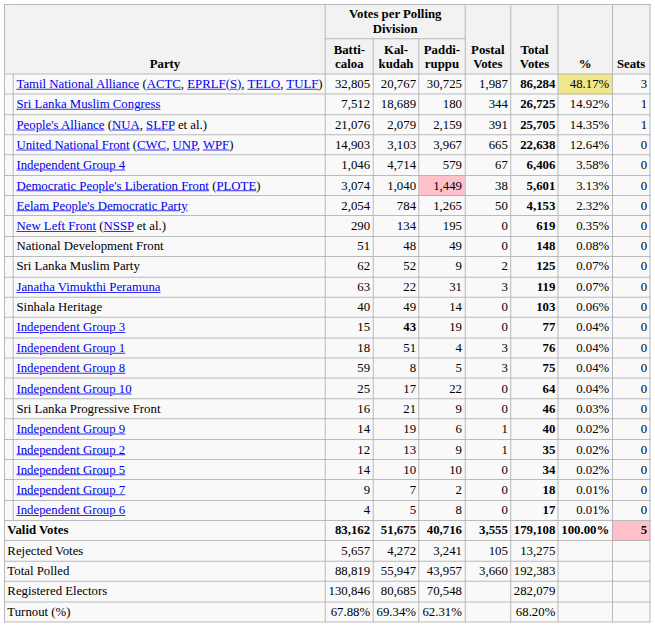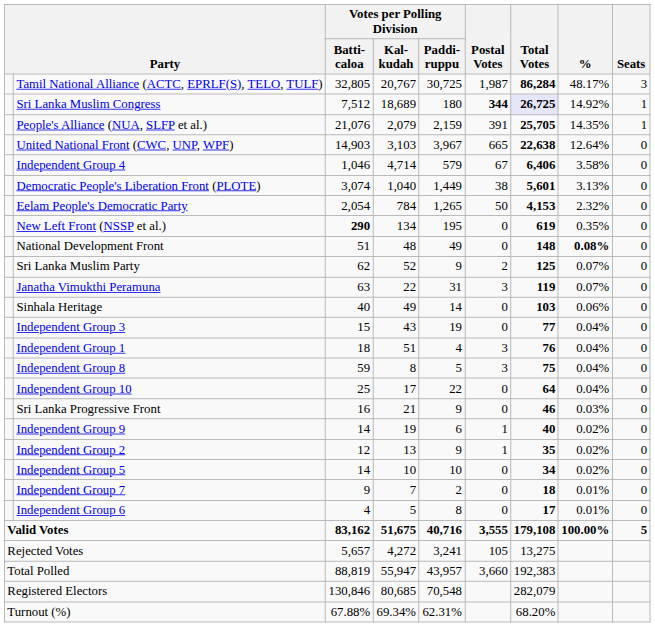 <table class="wikitable" border="1" style="text-align:right;">
 <tr>
 <th align=left valign=bottom rowspan=2 colspan=2>Party</th>
 <th colspan=3>Votes per Polling Division</th>
 <th align=center valign=bottom rowspan=2 width="50">Postal<br>Votes</th>
 <th align=center valign=bottom rowspan=2 width="50">Total Votes</th>
 <th align=center valign=bottom rowspan=2 width="50">%</th>
 <th align=center valign=bottom rowspan=2 width="40">Seats</th>
 </tr>
 <tr>
 <th align=center valign=bottom width="50">Batti-<br>caloa</th>
 <th align=center valign=bottom width="50">Kal-<br>kudah</th>
 <th align=center valign=bottom width="50">Paddi-<br>ruppu</th>
 </tr>
 <tr>
 <td bgcolor=> </td>
 <td align=left><a href='#'>Tamil National Alliance</a> (<a href='#'>ACTC</a>, <a href='#'>EPRLF(S)</a>, <a href='#'>TELO</a>, <a href='#'>TULF</a>)</td>
 <td>32,805</td>
 <td>20,767</td>
 <td>30,725</td>
 <td>1,987</td>
 <td><strong>86,284</strong></td>
-<td style="background: khaki;">48.17%</td>
+<td>48.17%</td>
 <td>3</td>
 </tr>
 <tr>
 <td bgcolor=> </td>
 <td align=left><a href='#'>Sri Lanka Muslim Congress</a></td>
 <td>7,512</td>
 <td>18,689</td>
 <td>180</td>
-<td>344</td>
-<td><strong>26,725</strong></td>
+<td><strong>344</strong></td>
+<td style="background: lavender;"><strong>26,725</strong></td>
 <td>14.92%</td>
 <td>1</td>
 </tr>
 <tr>
 <td bgcolor=> </td>
 <td align=left><a href='#'>People's Alliance</a> (<a href='#'>NUA</a>, <a href='#'>SLFP</a> et al.)</td>
 <td>21,076</td>
 <td>2,079</td>
 <td>2,159</td>
 <td>391</td>
 <td><strong>25,705</strong></td>
 <td>14.35%</td>
 <td>1</td>
 </tr>
 <tr>
 <td bgcolor=> </td>
 <td align=left><a href='#'>United National Front</a> (<a href='#'>CWC</a>, <a href='#'>UNP</a>, <a href='#'>WPF</a>)</td>
 <td>14,903</td>
 <td>3,103</td>
 <td>3,967</td>
 <td>665</td>
 <td><strong>22,638</strong></td>
 <td>12.64%</td>
 <td>0</td>
 </tr>
 <tr>
 <td bgcolor=> </td>
 <td align=left><a href='#'>Independent Group 4</a></td>
 <td>1,046</td>
 <td>4,714</td>
 <td>579</td>
 <td>67</td>
 <td><strong>6,406</strong></td>
 <td>3.58%</td>
 <td>0</td>
 </tr>
 <tr>
 <td bgcolor=> </td>
 <td align=left><a href='#'>Democratic People's Liberation Front</a> (<a href='#'>PLOTE</a>)</td>
 <td>3,074</td>
 <td>1,040</td>
-<td style="background: pink;">1,449</td>
+<td>1,449</td>
 <td>38</td>
 <td><strong>5,601</strong></td>
 <td>3.13%</td>
 <td>0</td>
 </tr>
 <tr>
 <td bgcolor=> </td>
 <td align=left><a href='#'>Eelam People's Democratic Party</a></td>
 <td>2,054</td>
 <td>784</td>
 <td>1,265</td>
 <td>50</td>
 <td><strong>4,153</strong></td>
 <td>2.32%</td>
 <td>0</td>
 </tr>
 <tr>
 <td bgcolor=> </td>
 <td align=left><a href='#'>New Left Front</a> (<a href='#'>NSSP</a> et al.)</td>
-<td>290</td>
+<td><strong>290</strong></td>
 <td>134</td>
 <td>195</td>
 <td>0</td>
 <td><strong>619</strong></td>
 <td>0.35%</td>
 <td>0</td>
 </tr>
 <tr>
 <td></td>
 <td align=left>National Development Front</td>
 <td>51</td>
 <td>48</td>
 <td>49</td>
 <td>0</td>
 <td><strong>148</strong></td>
-<td>0.08%</td>
+<td><strong>0.08%</strong></td>
 <td>0</td>
 </tr>
 <tr>
 <td></td>
 <td align=left>Sri Lanka Muslim Party</td>
 <td>62</td>
 <td>52</td>
 <td>9</td>
 <td>2</td>
 <td><strong>125</strong></td>
 <td>0.07%</td>
 <td>0</td>
 </tr>
 <tr>
 <td bgcolor=> </td>
 <td align=left><a href='#'>Janatha Vimukthi Peramuna</a></td>
 <td>63</td>
 <td>22</td>
 <td>31</td>
 <td>3</td>
 <td><strong>119</strong></td>
 <td>0.07%</td>
 <td>0</td>
 </tr>
 <tr>
 <td></td>
 <td align=left>Sinhala Heritage</td>
 <td>40</td>
 <td>49</td>
 <td>14</td>
 <td>0</td>
 <td><strong>103</strong></td>
 <td>0.06%</td>
 <td>0</td>
 </tr>
 <tr>
 <td bgcolor=> </td>
 <td align=left><a href='#'>Independent Group 3</a></td>
 <td>15</td>
-<td><strong>43</strong></td>
+<td>43</td>
 <td>19</td>
 <td>0</td>
 <td><strong>77</strong></td>
 <td>0.04%</td>
 <td>0</td>
 </tr>
 <tr>
 <td bgcolor=> </td>
 <td align=left><a href='#'>Independent Group 1</a></td>
 <td>18</td>
 <td>51</td>
 <td>4</td>
 <td>3</td>
 <td><strong>76</strong></td>
 <td>0.04%</td>
 <td>0</td>
 </tr>
 <tr>
 <td bgcolor=> </td>
 <td align=left><a href='#'>Independent Group 8</a></td>
 <td>59</td>
 <td>8</td>
 <td>5</td>
 <td>3</td>
 <td><strong>75</strong></td>
 <td>0.04%</td>
 <td>0</td>
 </tr>
 <tr>
 <td bgcolor=> </td>
 <td align=left><a href='#'>Independent Group 10</a></td>
 <td>25</td>
 <td>17</td>
 <td>22</td>
 <td>0</td>
 <td><strong>64</strong></td>
 <td>0.04%</td>
 <td>0</td>
 </tr>
 <tr>
 <td></td>
 <td align=left>Sri Lanka Progressive Front</td>
 <td>16</td>
 <td>21</td>
 <td>9</td>
 <td>0</td>
 <td><strong>46</strong></td>
 <td>0.03%</td>
 <td>0</td>
 </tr>
 <tr>
 <td bgcolor=> </td>
 <td align=left><a href='#'>Independent Group 9</a></td>
 <td>14</td>
 <td>19</td>
 <td>6</td>
 <td>1</td>
 <td><strong>40</strong></td>
 <td>0.02%</td>
 <td>0</td>
 </tr>
 <tr>
 <td bgcolor=> </td>
 <td align=left><a href='#'>Independent Group 2</a></td>
 <td>12</td>
 <td>13</td>
 <td>9</td>
 <td>1</td>
 <td><strong>35</strong></td>
 <td>0.02%</td>
 <td>0</td>
 </tr>
 <tr>
 <td bgcolor=> </td>
 <td align=left><a href='#'>Independent Group 5</a></td>
 <td>14</td>
 <td>10</td>
 <td>10</td>
 <td>0</td>
 <td><strong>34</strong></td>
 <td>0.02%</td>
 <td>0</td>
 </tr>
 <tr>
 <td bgcolor=> </td>
 <td align=left><a href='#'>Independent Group 7</a></td>
 <td>9</td>
 <td>7</td>
 <td>2</td>
 <td>0</td>
 <td><strong>18</strong></td>
 <td>0.01%</td>
 <td>0</td>
 </tr>
 <tr>
 <td bgcolor=> </td>
 <td align=left><a href='#'>Independent Group 6</a></td>
 <td>4</td>
 <td>5</td>
 <td>8</td>
 <td>0</td>
 <td><strong>17</strong></td>
 <td>0.01%</td>
 <td>0</td>
 </tr>
 <tr>
 <td align=left colspan=2><strong>Valid Votes</strong></td>
 <td><strong>83,162</strong></td>
 <td><strong>51,675</strong></td>
 <td><strong>40,716</strong></td>
 <td><strong>3,555</strong></td>
 <td><strong>179,108</strong></td>
 <td><strong>100.00%</strong></td>
-<td style="background: pink;"><strong>5</strong></td>
+<td><strong>5</strong></td>
 </tr>
 <tr>
 <td align=left colspan=2>Rejected Votes</td>
 <td>5,657</td>
 <td>4,272</td>
 <td>3,241</td>
 <td>105</td>
 <td>13,275</td>
 <td></td>
 <td></td>
 </tr>
 <tr>
 <td align=left colspan=2>Total Polled</td>
 <td>88,819</td>
 <td>55,947</td>
 <td>43,957</td>
 <td>3,660</td>
 <td>192,383</td>
 <td></td>
 <td></td>
 </tr>
 <tr>
 <td align=left colspan=2>Registered Electors</td>
 <td>130,846</td>
 <td>80,685</td>
 <td>70,548</td>
 <td></td>
 <td>282,079</td>
 <td></td>
 <td></td>
 </tr>
 <tr>
 <td align=left colspan=2>Turnout (%)</td>
 <td>67.88%</td>
 <td>69.34%</td>
 <td>62.31%</td>
 <td></td>
 <td>68.20%</td>
 <td></td>
 <td></td>
 </tr>
 </table>
